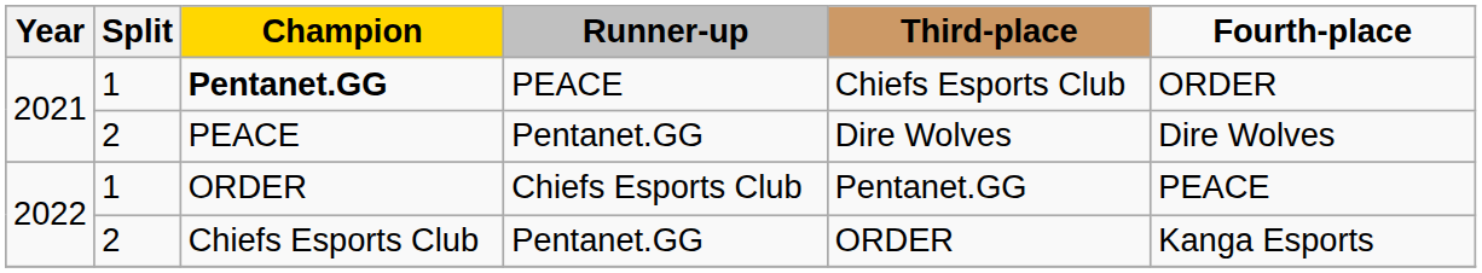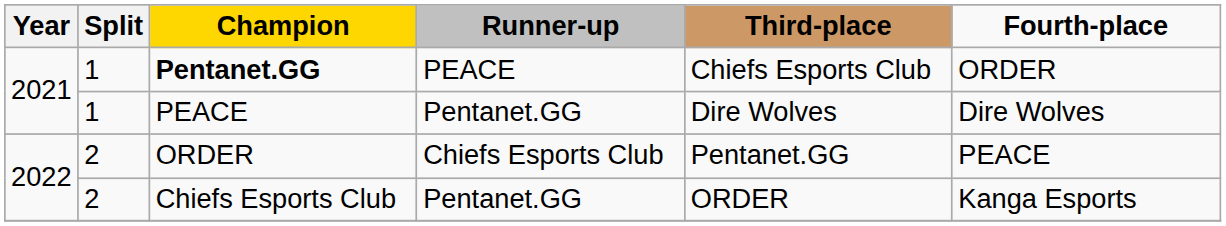 <table class="wikitable">
 <tr>
 <th>Year</th>
 <th>Split</th>
 <th style="background:gold; width:150px">Champion</th>
 <th style="background:silver; width:150px">Runner-up</th>
 <th style="background:#c96; width:150px">Third-place</th>
 <th style="background:#c100; width:150px">Fourth-place</th>
 </tr>
 <tr>
 <td rowspan="2">2021</td>
 <td>1</td>
 <td><strong>Pentanet.GG</strong></td>
 <td>PEACE</td>
 <td>Chiefs Esports Club</td>
 <td>ORDER</td>
 </tr>
 <tr>
-<td>2</td>
+<td>1</td>
 <td>PEACE</td>
 <td>Pentanet.GG</td>
 <td>Dire Wolves</td>
 <td>Dire Wolves</td>
 </tr>
 <tr>
 <td rowspan="2">2022</td>
-<td>1</td>
+<td>2</td>
 <td>ORDER</td>
 <td>Chiefs Esports Club</td>
 <td>Pentanet.GG</td>
 <td>PEACE</td>
 </tr>
 <tr>
 <td>2</td>
 <td>Chiefs Esports Club</td>
 <td>Pentanet.GG</td>
 <td>ORDER</td>
 <td>Kanga Esports</td>
 </tr>
 <tr>
 </tr>
 </table>
